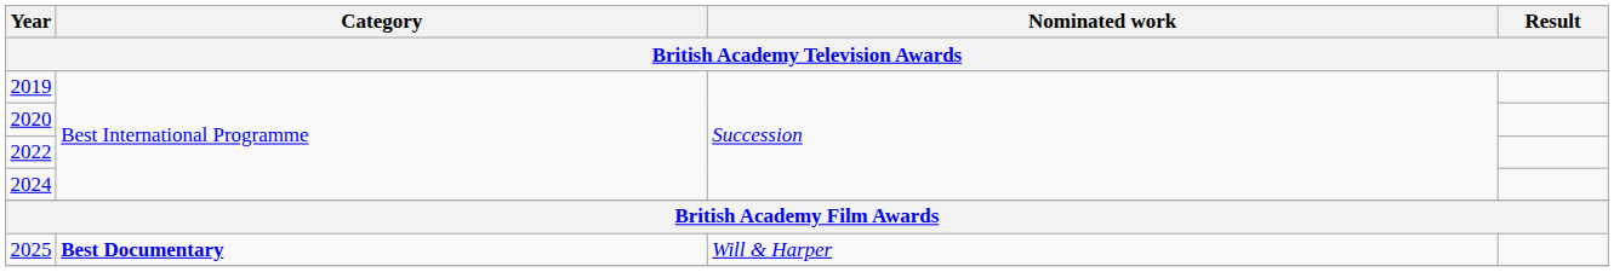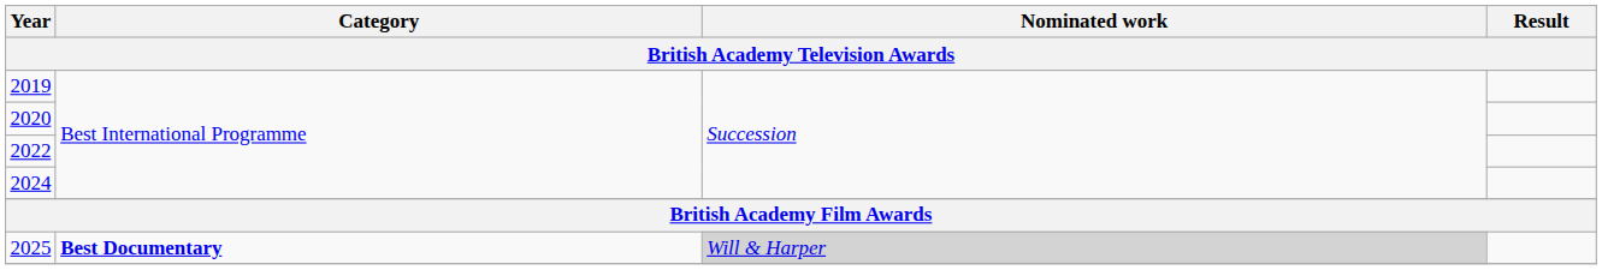 <table class=wikitable>
 <tr>
 <th scope="col" style="width:1em;">Year</th>
 <th scope="col" style="width:32em;">Category</th>
 <th scope="col" style="width:39em;">Nominated work</th>
 <th scope="col" style="width:5em;">Result</th>
 </tr>
 <tr>
 <th colspan=5><a href='#'>British Academy Television Awards</a></th>
 </tr>
 <tr>
 <td><a href='#'>2019</a></td>
 <td rowspan=4><a href='#'>Best International Programme</a></td>
 <td rowspan=4><em><a href='#'>Succession</a></em></td>
 <td></td>
 </tr>
 <tr>
 <td><a href='#'>2020</a></td>
 <td></td>
 </tr>
 <tr>
 <td><a href='#'>2022</a></td>
 <td></td>
 </tr>
 <tr>
 <td><a href='#'>2024</a></td>
 <td></td>
 </tr>
 <tr>
 </tr>
 <tr>
 <th colspan=5><a href='#'>British Academy Film Awards</a></th>
 </tr>
 <tr>
 <td><a href='#'>2025</a></td>
 <td><strong><a href='#'>Best Documentary</a></strong></td>
-<td><em><a href='#'>Will & Harper</a></em></td>
+<td style="background: lightgrey;"><em><a href='#'>Will & Harper</a></em></td>
 <td></td>
 </tr>
 <tr>
 </tr>
 </table>
